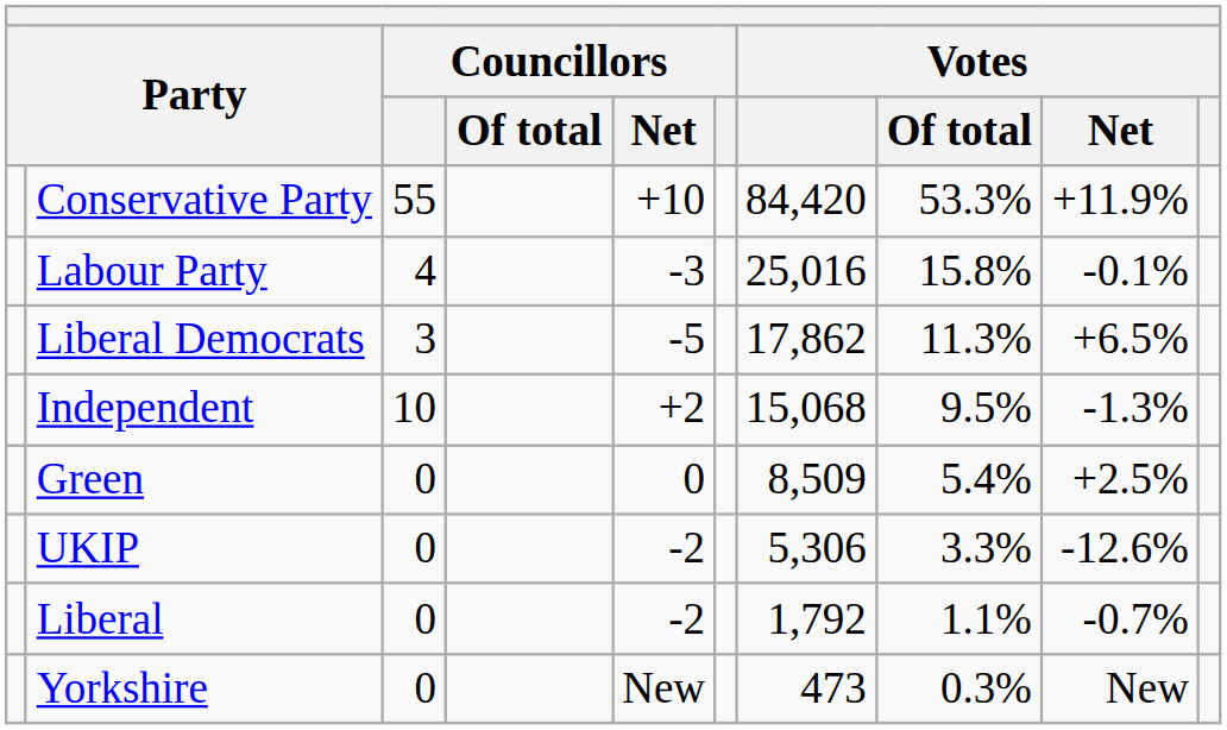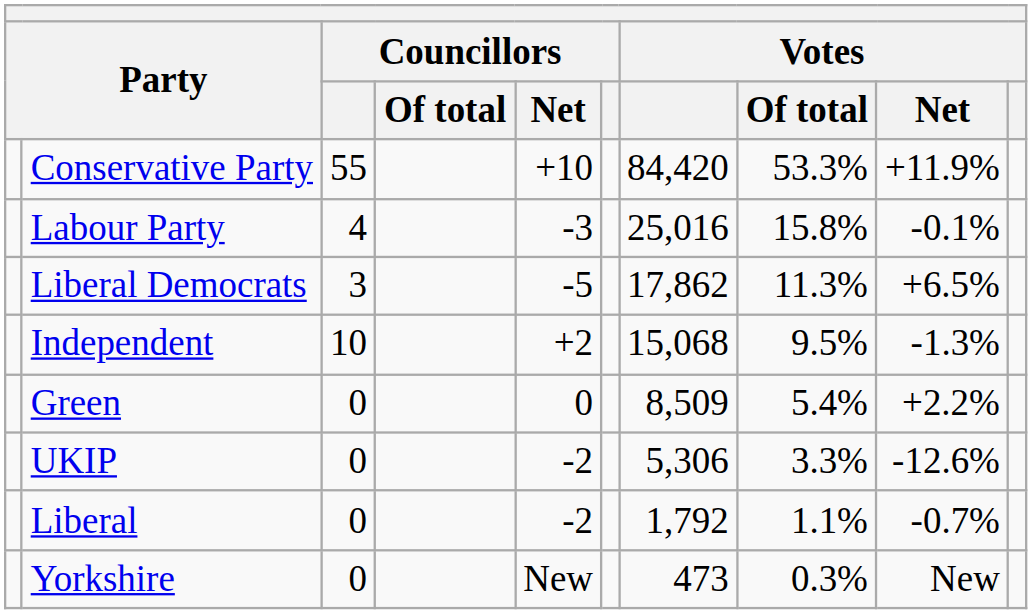 <table class="wikitable sortable" style="text-align:center;">
 <tr>
 <th colspan="10"></th>
 </tr>
 <tr>
 <th colspan="2" rowspan="2">Party</th>
 <th colspan="4">Councillors</th>
 <th colspan="4">Votes</th>
 </tr>
 <tr>
 <th></th>
 <th>Of total</th>
 <th>Net</th>
 <th class="unsortable"></th>
 <th></th>
 <th>Of total</th>
 <th>Net</th>
 <th class="unsortable"></th>
 </tr>
 <tr>
 <td style="background:"></td>
 <td style="text-align:left;"><a href='#'>Conservative Party</a></td>
 <td style="text-align:right;">55</td>
 <td style="text-align:right;"></td>
 <td style="text-align:right;">+10</td>
 <td data-sort-value=""></td>
 <td style="text-align:right;">84,420</td>
 <td style="text-align:right;">53.3%</td>
 <td style="text-align:right;">+11.9%</td>
 <td></td>
 </tr>
 <tr>
 <td style="background:"></td>
 <td style="text-align:left;"><a href='#'>Labour Party</a></td>
 <td style="text-align:right;">4</td>
 <td style="text-align:right;"></td>
 <td style="text-align:right;">-3</td>
 <td data-sort-value=""></td>
 <td style="text-align:right;">25,016</td>
 <td style="text-align:right;">15.8%</td>
 <td style="text-align:right;">-0.1%</td>
 <td></td>
 </tr>
 <tr>
 <td style="background:"></td>
 <td style="text-align:left;"><a href='#'>Liberal Democrats</a></td>
 <td style="text-align:right;">3</td>
 <td style="text-align:right;"></td>
 <td style="text-align:right;">-5</td>
 <td data-sort-value=""></td>
 <td style="text-align:right;">17,862</td>
 <td style="text-align:right;">11.3%</td>
 <td style="text-align:right;">+6.5%</td>
 <td></td>
 </tr>
 <tr>
 <td style="background:"></td>
 <td style="text-align:left;"><a href='#'>Independent</a></td>
 <td style="text-align:right;">10</td>
 <td style="text-align:right;"></td>
 <td style="text-align:right;">+2</td>
 <td data-sort-value=""></td>
 <td style="text-align:right;">15,068</td>
 <td style="text-align:right;">9.5%</td>
 <td style="text-align:right;">-1.3%</td>
 <td></td>
 </tr>
 <tr>
 <td style="background:"></td>
 <td style="text-align:left;"><a href='#'>Green</a></td>
 <td style="text-align:right;">0</td>
 <td style="text-align:right;"></td>
 <td style="text-align:right;">0</td>
 <td data-sort-value=""></td>
 <td style="text-align:right;">8,509</td>
 <td style="text-align:right;">5.4%</td>
-<td style="text-align:right;">+2.5%</td>
+<td style="text-align:right;">+2.2%</td>
 <td></td>
 </tr>
 <tr>
 <td style="background:"></td>
 <td style="text-align:left;"><a href='#'>UKIP</a></td>
 <td style="text-align:right;">0</td>
 <td style="text-align:right;"></td>
 <td style="text-align:right;">-2</td>
 <td data-sort-value=""></td>
 <td style="text-align:right;">5,306</td>
 <td style="text-align:right;">3.3%</td>
 <td style="text-align:right;">-12.6%</td>
 <td></td>
 </tr>
 <tr>
 <td style="background:"></td>
 <td style="text-align:left;"><a href='#'>Liberal</a></td>
 <td style="text-align:right;">0</td>
 <td style="text-align:right;"></td>
 <td style="text-align:right;">-2</td>
 <td data-sort-value=""></td>
 <td style="text-align:right;">1,792</td>
 <td style="text-align:right;">1.1%</td>
 <td style="text-align:right;">-0.7%</td>
 <td></td>
 </tr>
 <tr>
 <td style="background:"></td>
 <td style="text-align:left;"><a href='#'>Yorkshire</a></td>
 <td style="text-align:right;">0</td>
 <td style="text-align:right;"></td>
 <td style="text-align:right;">New</td>
 <td data-sort-value=""></td>
 <td style="text-align:right;">473</td>
 <td style="text-align:right;">0.3%</td>
 <td style="text-align:right;">New</td>
 <td></td>
 </tr>
 </table>
